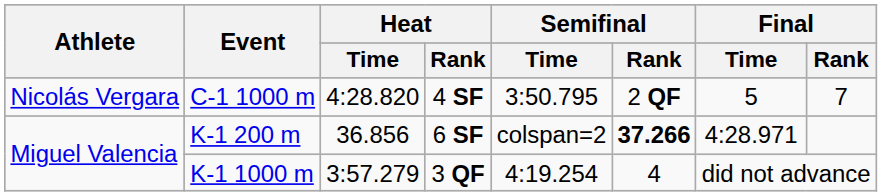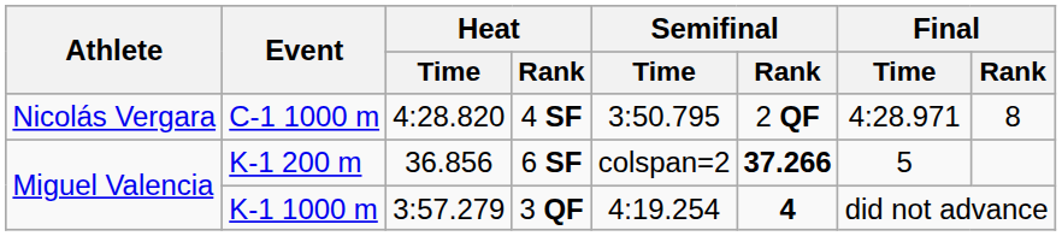 <table class=wikitable style=font-size:90%;text-align:center>
 <tr>
 <th rowspan=2>Athlete</th>
 <th rowspan=2>Event</th>
 <th colspan=2>Heat</th>
 <th colspan=2>Semifinal</th>
 <th colspan=2>Final</th>
 </tr>
 <tr style=font-size:95%>
 <th>Time</th>
 <th>Rank</th>
 <th>Time</th>
 <th>Rank</th>
 <th>Time</th>
 <th>Rank</th>
 </tr>
 <tr>
 <td align=left><a href='#'>Nicolás Vergara</a></td>
 <td align=left><a href='#'>C-1 1000 m</a></td>
 <td>4:28.820</td>
 <td>4 <strong>SF</strong></td>
 <td>3:50.795</td>
 <td>2 <strong>QF</strong></td>
-<td>5</td>
-<td>7</td>
+<td>4:28.971</td>
+<td>8</td>
 </tr>
 <tr>
 <td align=left rowspan=2><a href='#'>Miguel Valencia</a></td>
 <td align=left><a href='#'>K-1 200 m</a></td>
 <td>36.856</td>
 <td>6 <strong>SF</strong></td>
 <td>colspan=2 </td>
 <td><strong>37.266</strong></td>
-<td>4:28.971</td>
+<td>5</td>
 </tr>
 <tr>
 <td align=left><a href='#'>K-1 1000 m</a></td>
 <td>3:57.279</td>
 <td>3 <strong>QF</strong></td>
 <td>4:19.254</td>
-<td>4</td>
+<td><strong>4</strong></td>
 <td colspan=2>did not advance</td>
 </tr>
 </table>
